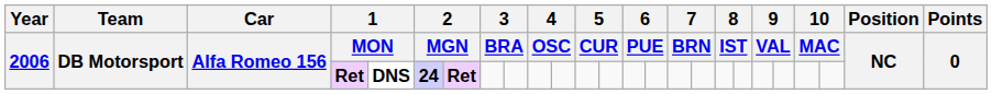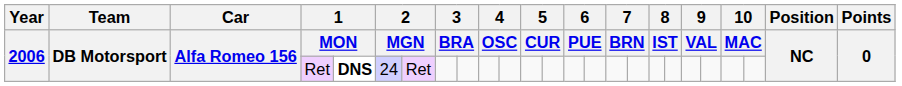 <table class="wikitable" style="text-align:center; font-size:85%">
 <tr>
 <th>Year</th>
 <th>Team</th>
 <th>Car</th>
 <th colspan=2>1</th>
 <th colspan=2>2</th>
 <th colspan=2>3</th>
 <th colspan=2>4</th>
 <th colspan=2>5</th>
 <th colspan=2>6</th>
 <th colspan=2>7</th>
 <th colspan=2>8</th>
 <th colspan=2>9</th>
 <th colspan=2>10</th>
 <th>Position</th>
 <th>Points</th>
 </tr>
 <tr>
 <th rowspan=2><a href='#'>2006</a></th>
 <th rowspan=2>DB Motorsport</th>
 <th rowspan=2><a href='#'>Alfa Romeo 156</a></th>
 <th colspan=2><a href='#'>MON</a> </th>
 <th colspan=2><a href='#'>MGN</a> </th>
 <th colspan=2><a href='#'>BRA</a> </th>
 <th colspan=2><a href='#'>OSC</a> </th>
 <th colspan=2><a href='#'>CUR</a> </th>
 <th colspan=2><a href='#'>PUE</a> </th>
 <th colspan=2><a href='#'>BRN</a> </th>
 <th colspan=2><a href='#'>IST</a> </th>
 <th colspan=2><a href='#'>VAL</a> </th>
 <th colspan=2><a href='#'>MAC</a> </th>
 <th rowspan=2>NC</th>
 <th rowspan=2>0</th>
 </tr>
 <tr>
-<td style="background:#efcfff;"><strong>Ret</strong></td>
+<td style="background:#efcfff;">Ret</td>
 <td style="background:#ffffff;"><strong>DNS</strong></td>
-<td style="background:#cfcfff;"><strong>24</strong></td>
-<td style="background:#efcfff;"><strong>Ret</strong></td>
+<td style="background:#cfcfff;">24</td>
+<td style="background:#efcfff;">Ret</td>
 <td></td>
 <td></td>
 <td></td>
 <td></td>
 <td></td>
 <td></td>
 <td></td>
 <td></td>
 <td></td>
 <td></td>
 <td></td>
 <td></td>
 <td></td>
 <td></td>
 <td></td>
 <td></td>
 </tr>
 </table>
